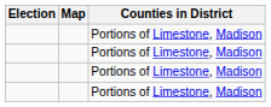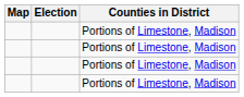 <table class="wikitable">
 <tr>
+<th>Map</th>
 <th>Election</th>
-<th>Map</th>
 <th>Counties in District</th>
 </tr>
 <tr>
 <td></td>
 <td></td>
 <td>Portions of <a href='#'>Limestone</a>, <a href='#'>Madison</a></td>
 </tr>
 <tr>
 <td></td>
 <td></td>
 <td>Portions of <a href='#'>Limestone</a>, <a href='#'>Madison</a></td>
 </tr>
 <tr>
 <td></td>
 <td></td>
 <td>Portions of <a href='#'>Limestone</a>, <a href='#'>Madison</a></td>
 </tr>
 <tr>
 <td></td>
 <td></td>
 <td>Portions of <a href='#'>Limestone</a>, <a href='#'>Madison</a></td>
 </tr>
 </table>
